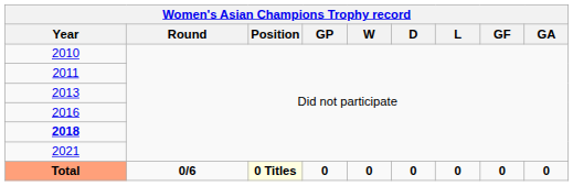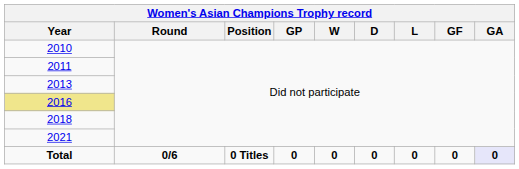 <table class="wikitable" style="text-align: center;">
 <tr>
 <th colspan=9><a href='#'>Women's Asian Champions Trophy record</a></th>
 </tr>
 <tr>
 <th width=150>Year</th>
 <th width=150>Round</th>
 <th width=50>Position</th>
 <th width=50>GP</th>
 <th width=50>W</th>
 <th width=50>D</th>
 <th width=50>L</th>
 <th width=50>GF</th>
 <th width=50>GA</th>
 </tr>
 <tr>
 <td> <a href='#'>2010</a></td>
 <td colspan=9  rowspan=6>Did not participate</td>
 </tr>
 <tr>
 <td> <a href='#'>2011</a></td>
 </tr>
 <tr>
 <td> <a href='#'>2013</a></td>
 </tr>
 <tr>
-<td> <a href='#'>2016</a></td>
+<td style="background: khaki;"> <a href='#'>2016</a></td>
 </tr>
 <tr>
-<td><strong> <a href='#'>2018</a></strong></td>
+<td> <a href='#'>2018</a></td>
 </tr>
 <tr>
 <td> <a href='#'>2021</a></td>
 </tr>
 <tr>
-<td style="background: lightsalmon;"><strong>Total</strong></td>
+<td><strong>Total</strong></td>
 <td><strong>0/6</strong></td>
-<td style="background: lightyellow;"><strong>0 Titles</strong></td>
+<td><strong>0 Titles</strong></td>
 <td><strong>0</strong></td>
 <td><strong>0</strong></td>
 <td><strong>0</strong></td>
 <td><strong>0</strong></td>
 <td><strong>0</strong></td>
-<td><strong>0</strong></td>
+<td style="background: lavender;"><strong>0</strong></td>
 </tr>
 </table>
